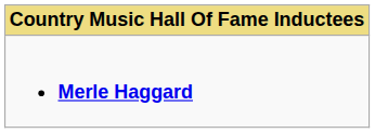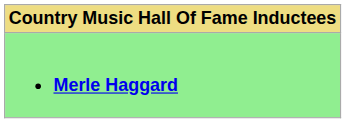 <table class="wikitable">
 <tr>
 <th style="background:#EEDD82; width=50%">Country Music Hall Of Fame Inductees</th>
 </tr>
 <tr>
-<td valign="top"><br><ul><li><strong><a href='#'>Merle Haggard</a></strong></li></ul></td>
+<td valign="top" style="background: lightgreen;"><br><ul><li><strong><a href='#'>Merle Haggard</a></strong></li></ul></td>
 </tr>
 </table>
